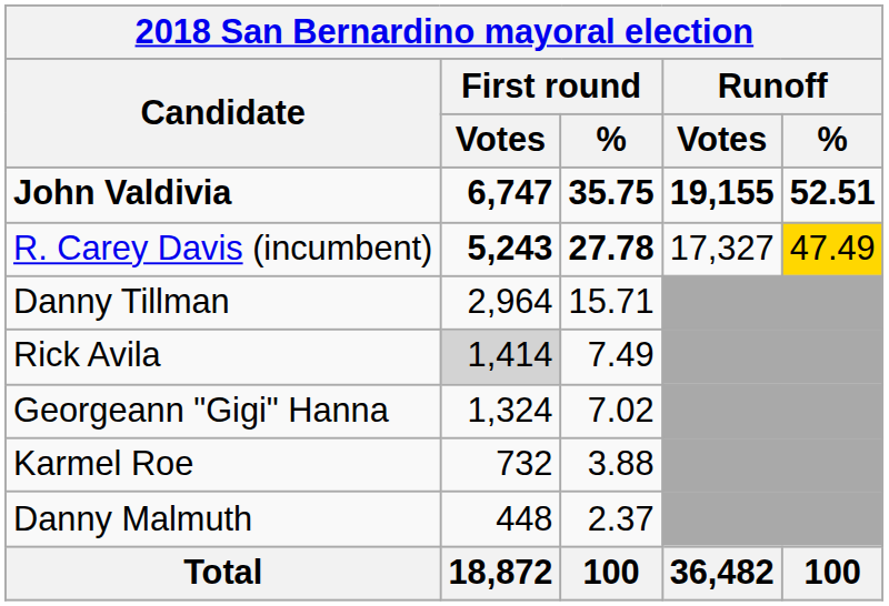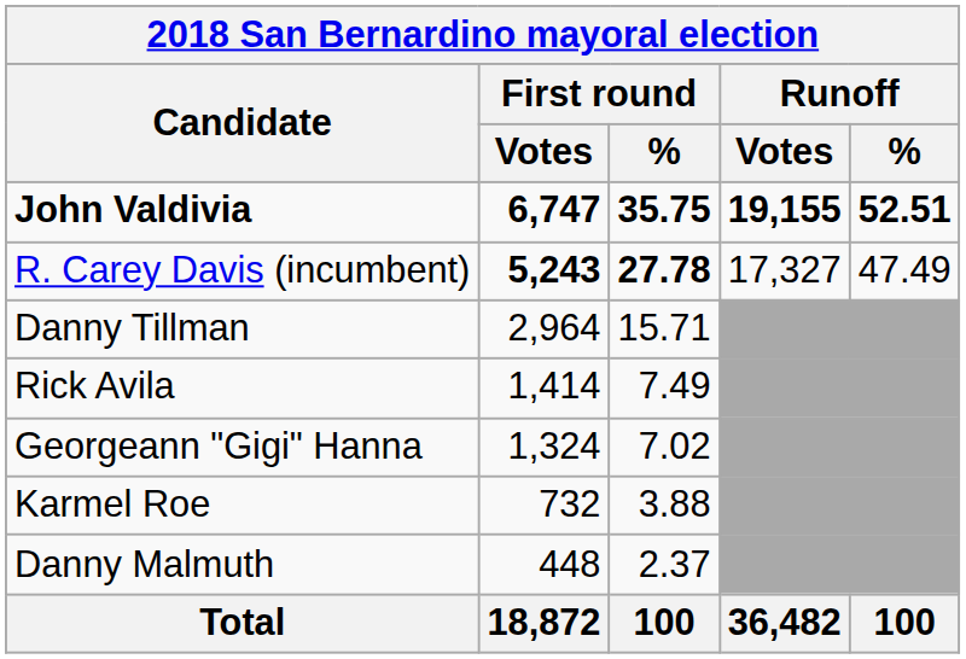 <table class=wikitable>
 <tr>
 <th colspan=5><a href='#'>2018 San Bernardino mayoral election</a></th>
 </tr>
 <tr>
 <th colspan=1 rowspan=2>Candidate</th>
 <th colspan=2>First round</th>
 <th colspan=2>Runoff</th>
 </tr>
 <tr>
 <th>Votes</th>
 <th>%</th>
 <th>Votes</th>
 <th>%</th>
 </tr>
 <tr>
 <td><strong>John Valdivia</strong></td>
 <td align="right"><strong>6,747</strong></td>
 <td align="right"><strong>35.75</strong></td>
 <td align="right"><strong>19,155</strong></td>
 <td align="right"><strong>52.51</strong></td>
 </tr>
 <tr>
 <td><a href='#'>R. Carey Davis</a> (incumbent)</td>
 <td align="right"><strong>5,243</strong></td>
 <td align="right"><strong>27.78</strong></td>
 <td align="right">17,327</td>
-<td align="right" style="background: gold;">47.49</td>
+<td align="right">47.49</td>
 </tr>
 <tr>
 <td>Danny Tillman</td>
 <td align="right">2,964</td>
 <td align="right">15.71</td>
 <td colspan=2 bgcolor=darkgray></td>
 </tr>
 <tr>
 <td>Rick Avila</td>
-<td align="right" style="background: lightgrey;">1,414</td>
+<td align="right">1,414</td>
 <td align="right">7.49</td>
 <td colspan=2 bgcolor=darkgray></td>
 </tr>
 <tr>
 <td>Georgeann "Gigi" Hanna</td>
 <td align="right">1,324</td>
 <td align="right">7.02</td>
 <td colspan=2 bgcolor=darkgray></td>
 </tr>
 <tr>
 <td>Karmel Roe</td>
 <td align="right">732</td>
 <td align="right">3.88</td>
 <td colspan=2 bgcolor=darkgray></td>
 </tr>
 <tr>
 <td>Danny Malmuth</td>
 <td align="right">448</td>
 <td align="right">2.37</td>
 <td colspan=2 bgcolor=darkgray></td>
 </tr>
 <tr>
 <th>Total</th>
 <th>18,872</th>
 <th>100</th>
 <th>36,482</th>
 <th>100</th>
 </tr>
 </table>
